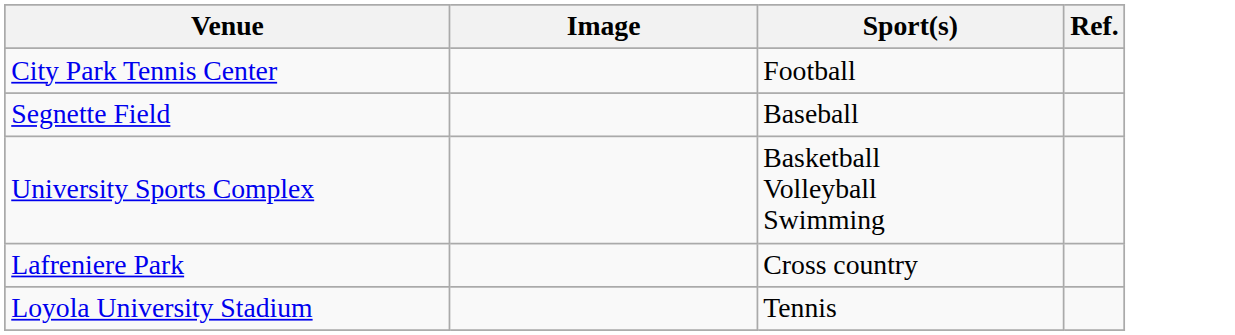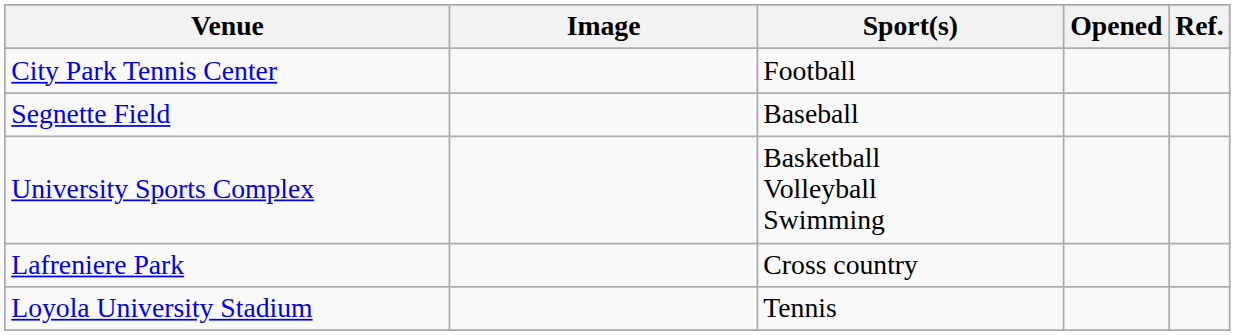 <table class="wikitable" style=" ">
 <tr>
 <th width=250px>Venue</th>
 <th width=170px>Image</th>
 <th width=170px>Sport(s)</th>
+<th width=0px>Opened</th>
 <th width=0px>Ref.</th>
 </tr>
 <tr>
 <td><a href='#'>City Park Tennis Center</a></td>
 <td></td>
 <td>Football </td>
 <td></td>
+<td></td>
 </tr>
 <tr>
 <td><a href='#'>Segnette Field</a></td>
 <td></td>
 <td>Baseball</td>
+<td></td>
 <td></td>
 </tr>
 <tr>
 <td><a href='#'>University Sports Complex</a></td>
 <td></td>
 <td>Basketball <br> Volleyball <br> Swimming</td>
 <td></td>
+<td></td>
 </tr>
 <tr>
 <td><a href='#'>Lafreniere Park</a> </td>
 <td></td>
 <td>Cross country</td>
+<td></td>
 <td></td>
 </tr>
 <tr>
 <td><a href='#'>Loyola University Stadium</a></td>
 <td></td>
 <td>Tennis</td>
 <td></td>
+<td></td>
 </tr>
 </table>
